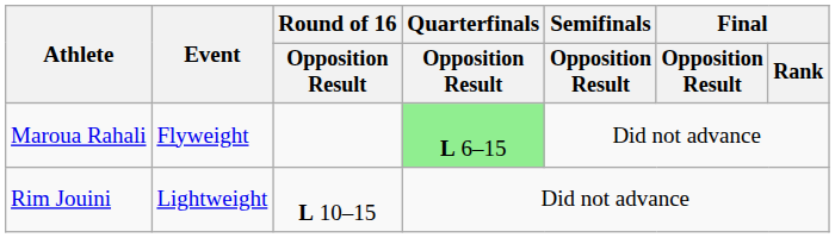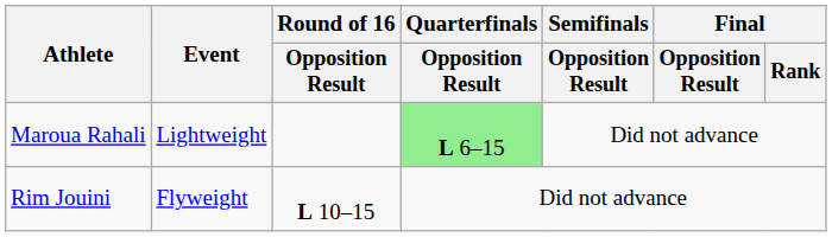 <table class="wikitable" style="font-size:90%">
 <tr>
 <th rowspan="2">Athlete</th>
 <th rowspan="2">Event</th>
 <th>Round of 16</th>
 <th>Quarterfinals</th>
 <th>Semifinals</th>
 <th colspan=2>Final</th>
 </tr>
 <tr style="font-size:95%">
 <th>Opposition<br>Result</th>
 <th>Opposition<br>Result</th>
 <th>Opposition<br>Result</th>
 <th>Opposition<br>Result</th>
 <th>Rank</th>
 </tr>
 <tr align=center>
 <td align=left><a href='#'>Maroua Rahali</a></td>
-<td align=left><a href='#'>Flyweight</a></td>
+<td align=left><a href='#'>Lightweight</a></td>
 <td></td>
 <td style="background: lightgreen;"><br><strong>L</strong> 6–15</td>
 <td colspan=3>Did not advance</td>
 </tr>
 <tr align=center>
 <td align=left><a href='#'>Rim Jouini</a></td>
-<td align=left><a href='#'>Lightweight</a></td>
+<td align=left><a href='#'>Flyweight</a></td>
 <td><br><strong>L</strong> 10–15</td>
 <td colspan=4>Did not advance</td>
 </tr>
 </table>
